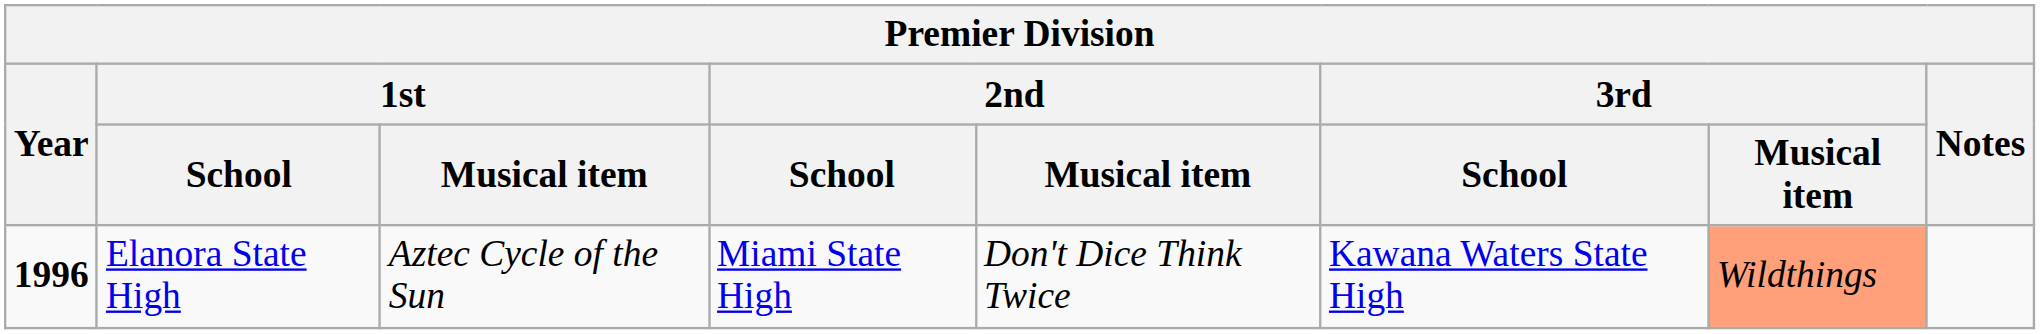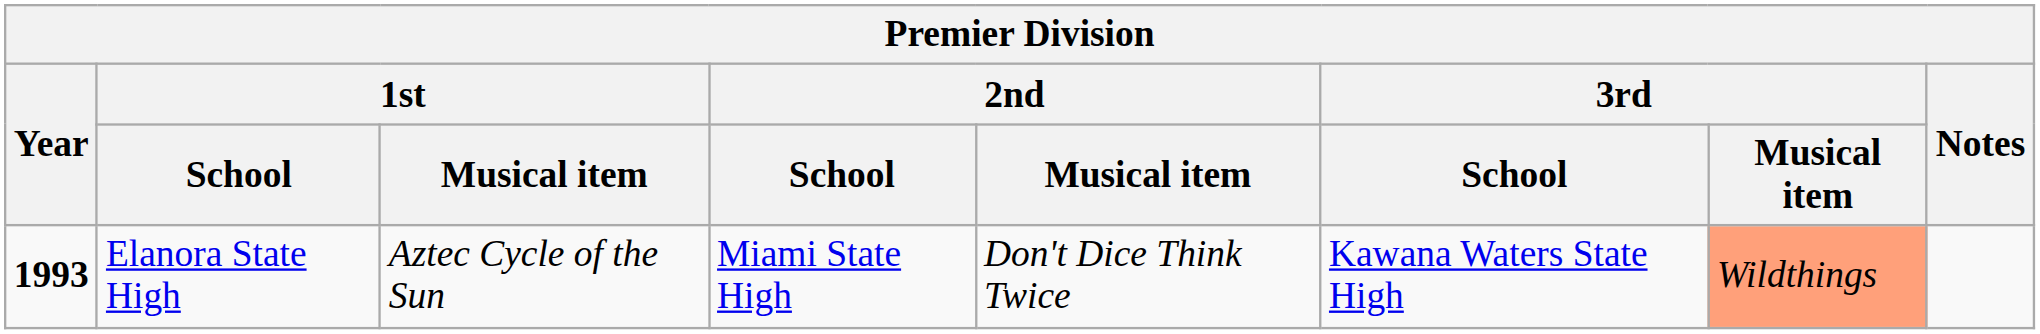 <table class="wikitable sortable">
 <tr>
 <th colspan=8>Premier Division</th>
 </tr>
 <tr>
 <th rowspan=2>Year</th>
 <th colspan=2>1st</th>
 <th colspan=2>2nd</th>
 <th colspan=2>3rd</th>
 <th rowspan=2>Notes</th>
 </tr>
 <tr>
 <th>School</th>
 <th>Musical item</th>
 <th>School</th>
 <th>Musical item</th>
 <th>School</th>
 <th>Musical item</th>
 </tr>
 <tr>
-<td><strong>1996</strong></td>
+<td><strong>1993</strong></td>
 <td><a href='#'>Elanora State High</a></td>
 <td><em>Aztec Cycle of the Sun</em></td>
 <td><a href='#'>Miami State High</a></td>
 <td><em>Don't Dice Think Twice</em></td>
 <td><a href='#'>Kawana Waters State High</a></td>
 <td style="background: lightsalmon;"><em>Wildthings</em></td>
 <td></td>
 </tr>
 </table>
